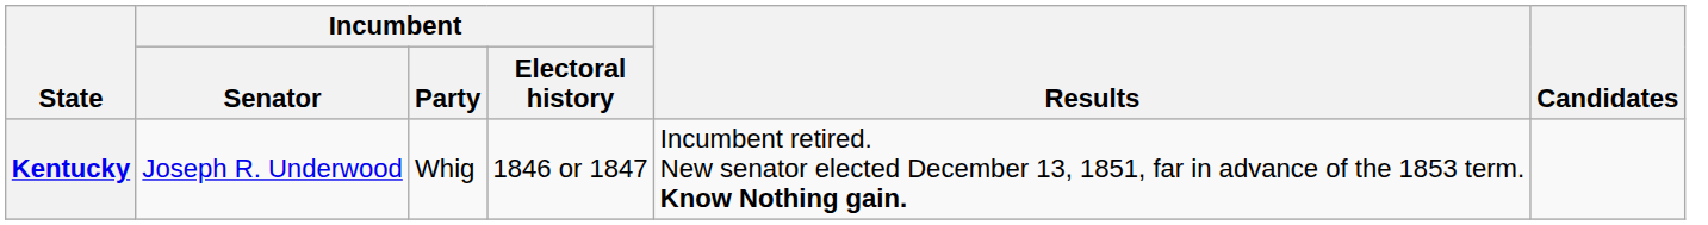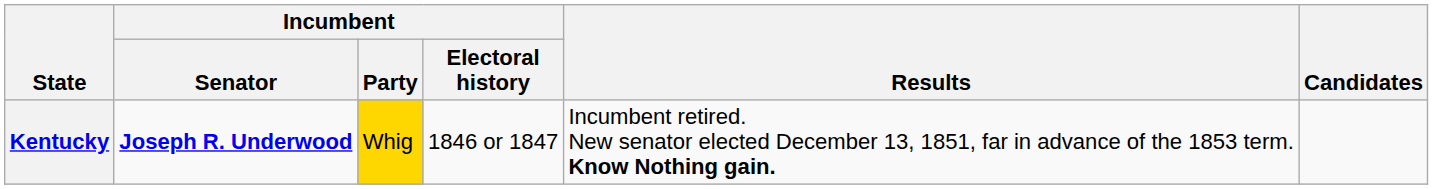 <table class=wikitable>
 <tr valign=bottom>
 <th rowspan=2>State</th>
 <th colspan=3>Incumbent</th>
 <th rowspan=2>Results</th>
 <th rowspan=2>Candidates</th>
 </tr>
 <tr valign=bottom>
 <th>Senator</th>
 <th>Party</th>
 <th>Electoral<br>history</th>
 </tr>
 <tr>
 <th><a href='#'>Kentucky</a></th>
-<td><a href='#'>Joseph R. Underwood</a></td>
-<td>Whig</td>
+<td><strong><a href='#'>Joseph R. Underwood</a></strong></td>
+<td style="background: gold;">Whig</td>
 <td nowrap>1846 or 1847</td>
 <td>Incumbent retired.<br>New senator elected December 13, 1851, far in advance of the 1853 term.<br><strong>Know Nothing gain.</strong></td>
 <td nowrap></td>
 </tr>
 </table>
